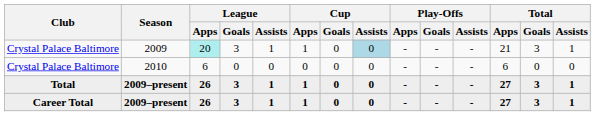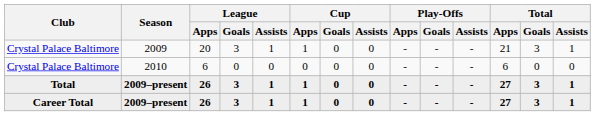 <table class="wikitable" style="text-align: center;">
 <tr>
 <th rowspan="2">Club</th>
 <th rowspan="2">Season</th>
 <th colspan="3">League</th>
 <th colspan="3">Cup</th>
 <th colspan="3">Play-Offs</th>
 <th colspan="3">Total</th>
 </tr>
 <tr>
 <th>Apps</th>
 <th>Goals</th>
 <th>Assists</th>
 <th>Apps</th>
 <th>Goals</th>
 <th>Assists</th>
 <th>Apps</th>
 <th>Goals</th>
 <th>Assists</th>
 <th>Apps</th>
 <th>Goals</th>
 <th>Assists</th>
 </tr>
 <tr>
 <td rowspan="1" valign="top"><a href='#'>Crystal Palace Baltimore</a></td>
 <td>2009</td>
-<td style="background: paleturquoise;">20</td>
+<td>20</td>
 <td>3</td>
 <td>1</td>
 <td>1</td>
 <td>0</td>
-<td style="background: lightblue;">0</td>
+<td>0</td>
 <td>-</td>
 <td>-</td>
 <td>-</td>
 <td>21</td>
 <td>3</td>
 <td>1</td>
 </tr>
 <tr>
 <td><a href='#'>Crystal Palace Baltimore</a></td>
 <td>2010</td>
 <td>6</td>
 <td>0</td>
 <td>0</td>
 <td>0</td>
 <td>0</td>
 <td>0</td>
 <td>-</td>
 <td>-</td>
 <td>-</td>
 <td>6</td>
 <td>0</td>
 <td>0</td>
 </tr>
 <tr style="font-weight:bold; background-color:#eeeeee;">
 <td><strong>Total</strong></td>
 <td>2009–present</td>
 <td>26</td>
 <td>3</td>
 <td>1</td>
 <td>1</td>
 <td>0</td>
 <td>0</td>
 <td>-</td>
 <td>-</td>
 <td>-</td>
 <td>27</td>
 <td>3</td>
 <td>1</td>
 </tr>
 <tr style="font-weight:bold; background-color:#eeeeee;">
 <td><strong>Career Total</strong></td>
 <td>2009–present</td>
 <td>26</td>
 <td>3</td>
 <td>1</td>
 <td>1</td>
 <td>0</td>
 <td>0</td>
 <td>-</td>
 <td>-</td>
 <td>-</td>
 <td>27</td>
 <td>3</td>
 <td>1</td>
 </tr>
 </table>
